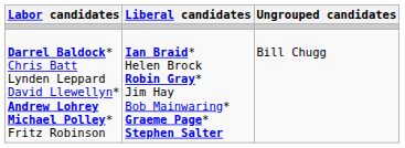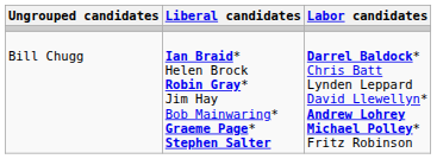 <table class="wikitable">
 <tr>
+<th>Ungrouped candidates</th>
+<th><a href='#'>Liberal</a> candidates</th>
 <th><a href='#'>Labor</a> candidates</th>
-<th><a href='#'>Liberal</a> candidates</th>
-<th>Ungrouped candidates</th>
 </tr>
 <tr bgcolor="#cccccc">
 <td></td>
 <td></td>
 <td></td>
 </tr>
 <tr>
+<td valign=top><br>Bill Chugg</td>
+<td><br><strong><a href='#'>Ian Braid</a></strong>*<br> Helen Brock<br> <strong><a href='#'>Robin Gray</a></strong>*<br> Jim Hay<br> <a href='#'>Bob Mainwaring</a>*<br> <strong><a href='#'>Graeme Page</a></strong>*<br> <strong><a href='#'>Stephen Salter</a></strong></td>
 <td><br><strong><a href='#'>Darrel Baldock</a></strong>*<br> <a href='#'>Chris Batt</a><br> Lynden Leppard<br> <a href='#'>David Llewellyn</a>*<br> <strong><a href='#'>Andrew Lohrey</a></strong><br> <strong><a href='#'>Michael Polley</a></strong>*<br> Fritz Robinson</td>
-<td><br><strong><a href='#'>Ian Braid</a></strong>*<br> Helen Brock<br> <strong><a href='#'>Robin Gray</a></strong>*<br> Jim Hay<br> <a href='#'>Bob Mainwaring</a>*<br> <strong><a href='#'>Graeme Page</a></strong>*<br> <strong><a href='#'>Stephen Salter</a></strong></td>
-<td valign=top><br>Bill Chugg</td>
 </tr>
 </table>
